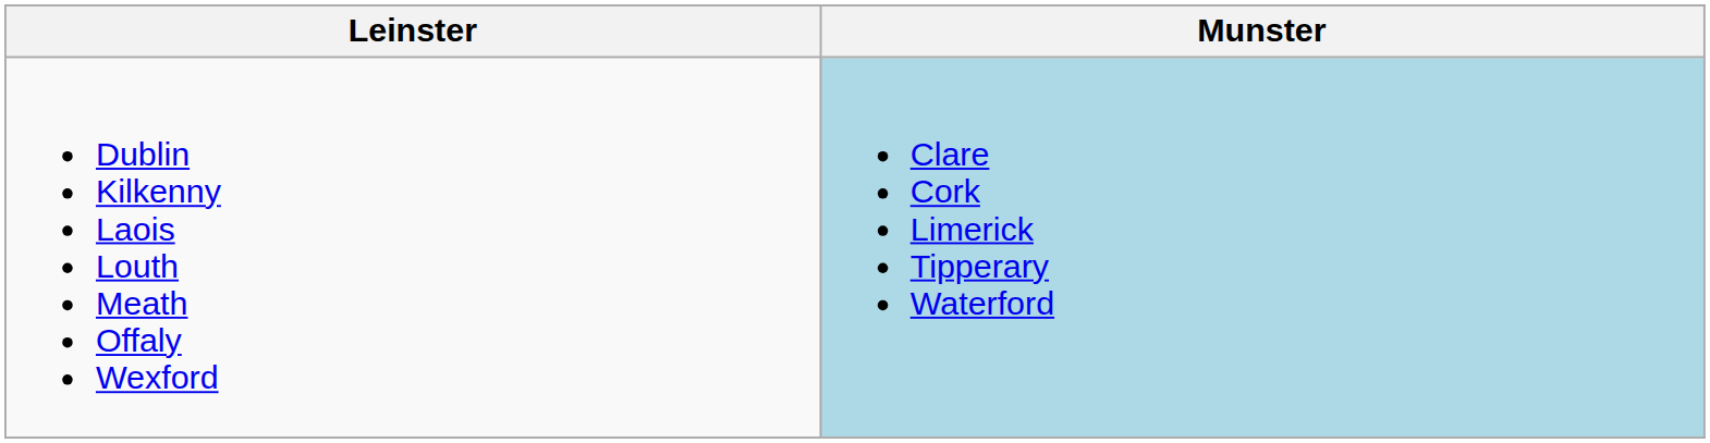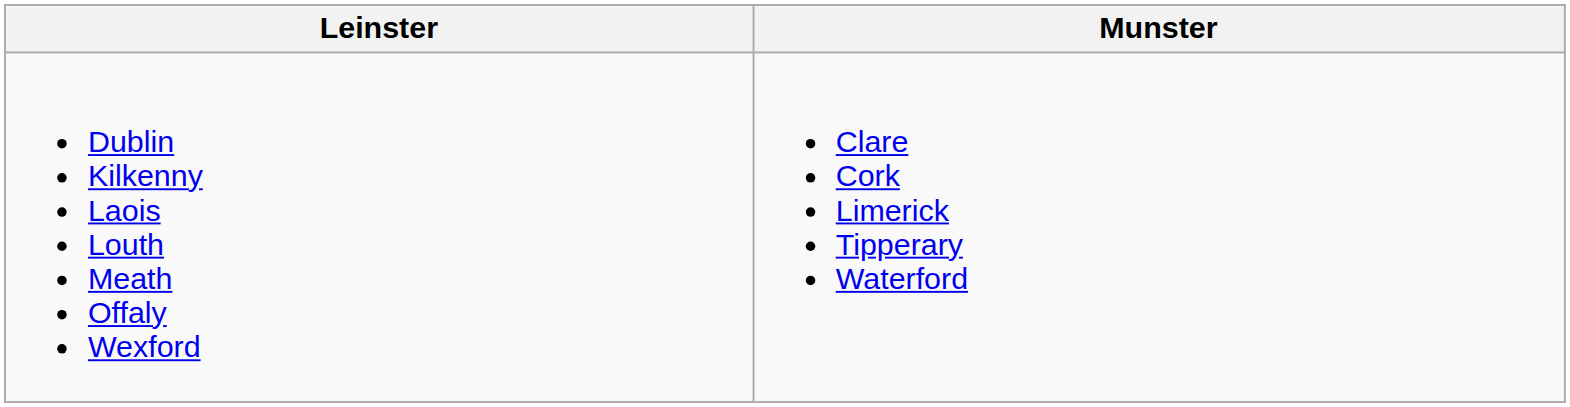 <table class="wikitable" width=65%>
 <tr>
 <th>Leinster</th>
 <th>Munster</th>
 </tr>
 <tr valign=top>
 <td><br><ul><li><a href='#'>Dublin</a></li><li><a href='#'>Kilkenny</a></li><li><a href='#'>Laois</a></li><li><a href='#'>Louth</a></li><li><a href='#'>Meath</a></li><li><a href='#'>Offaly</a></li><li><a href='#'>Wexford</a></li></ul></td>
-<td style="background: lightblue;"><br><ul><li><a href='#'>Clare</a></li><li><a href='#'>Cork</a></li><li><a href='#'>Limerick</a></li><li><a href='#'>Tipperary</a></li><li><a href='#'>Waterford</a></li></ul></td>
+<td><br><ul><li><a href='#'>Clare</a></li><li><a href='#'>Cork</a></li><li><a href='#'>Limerick</a></li><li><a href='#'>Tipperary</a></li><li><a href='#'>Waterford</a></li></ul></td>
 </tr>
 </table>
